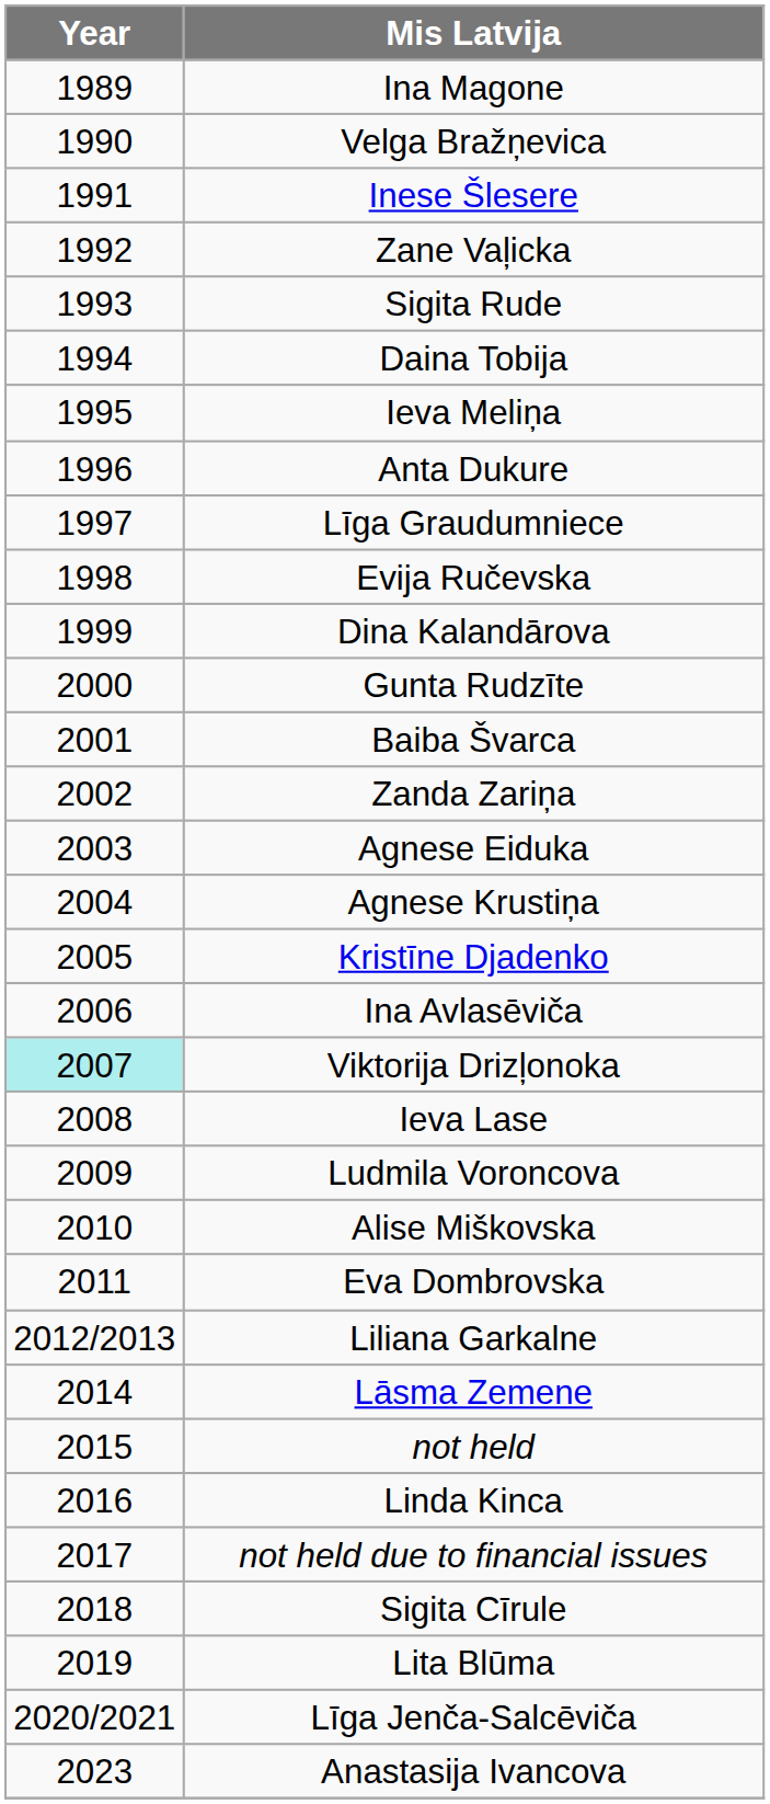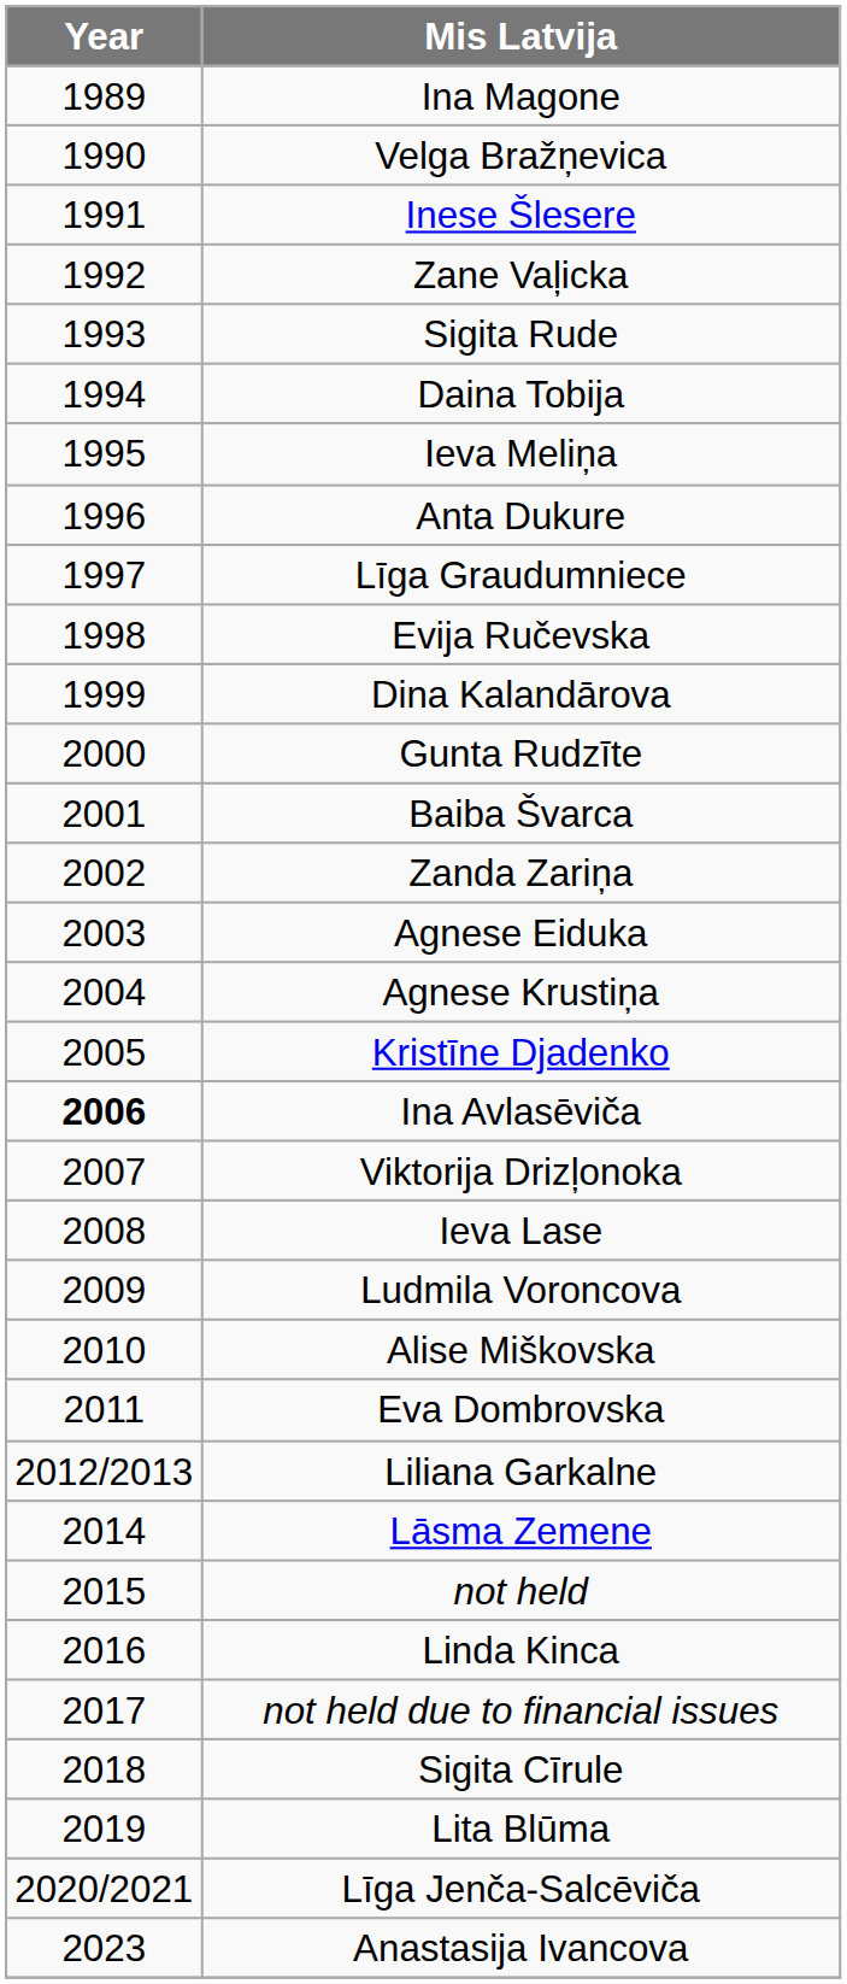 <table class="wikitable sortable" style="font-size: 95%; text-align:center">
 <tr>
 <th width="60" style="background-color:#787878;color:#FFFFFF;">Year</th>
 <th width="250" style="background-color:#787878;color:#FFFFFF;">Mis Latvija</th>
 </tr>
 <tr>
 <td>1989</td>
 <td>Ina Magone</td>
 </tr>
 <tr>
 <td>1990</td>
 <td>Velga Bražņevica</td>
 </tr>
 <tr>
 <td>1991</td>
 <td><a href='#'>Inese Šlesere</a></td>
 </tr>
 <tr>
 <td>1992</td>
 <td>Zane Vaļicka</td>
 </tr>
 <tr>
 <td>1993</td>
 <td>Sigita Rude</td>
 </tr>
 <tr>
 <td>1994</td>
 <td>Daina Tobija</td>
 </tr>
 <tr>
 <td>1995</td>
 <td>Ieva Meliņa</td>
 </tr>
 <tr>
 <td>1996</td>
 <td>Anta Dukure</td>
 </tr>
 <tr>
 <td>1997</td>
 <td>Līga Graudumniece</td>
 </tr>
 <tr>
 <td>1998</td>
 <td>Evija Ručevska</td>
 </tr>
 <tr>
 <td>1999</td>
 <td>Dina Kalandārova</td>
 </tr>
 <tr>
 <td>2000</td>
 <td>Gunta Rudzīte</td>
 </tr>
 <tr>
 <td>2001</td>
 <td>Baiba Švarca</td>
 </tr>
 <tr>
 <td>2002</td>
 <td>Zanda Zariņa</td>
 </tr>
 <tr>
 <td>2003</td>
 <td>Agnese Eiduka</td>
 </tr>
 <tr>
 <td>2004</td>
 <td>Agnese Krustiņa</td>
 </tr>
 <tr>
 <td>2005</td>
 <td><a href='#'>Kristīne Djadenko</a></td>
 </tr>
 <tr>
-<td>2006</td>
+<td><strong>2006</strong></td>
 <td>Ina Avlasēviča</td>
 </tr>
 <tr>
-<td style="background: paleturquoise;">2007</td>
+<td>2007</td>
 <td>Viktorija Drizļonoka</td>
 </tr>
 <tr>
 <td>2008</td>
 <td>Ieva Lase</td>
 </tr>
 <tr>
 <td>2009</td>
 <td>Ludmila Voroncova</td>
 </tr>
 <tr>
 <td>2010</td>
 <td>Alise Miškovska</td>
 </tr>
 <tr>
 <td>2011</td>
 <td>Eva Dombrovska</td>
 </tr>
 <tr>
 <td>2012/2013</td>
 <td>Liliana Garkalne</td>
 </tr>
 <tr>
 <td>2014</td>
 <td><a href='#'>Lāsma Zemene</a></td>
 </tr>
 <tr>
 <td>2015</td>
 <td><em>not held</em></td>
 </tr>
 <tr>
 <td>2016</td>
 <td>Linda Kinca</td>
 </tr>
 <tr>
 <td>2017</td>
 <td><em>not held due to financial issues</em></td>
 </tr>
 <tr>
 <td>2018</td>
 <td>Sigita Cīrule</td>
 </tr>
 <tr>
 <td>2019</td>
 <td>Lita Blūma</td>
 </tr>
 <tr>
 <td>2020/2021</td>
 <td>Līga Jenča‑Salcēviča</td>
 </tr>
 <tr>
 <td>2023</td>
 <td>Anastasija Ivancova</td>
 </tr>
 <tr>
 </tr>
 </table>
